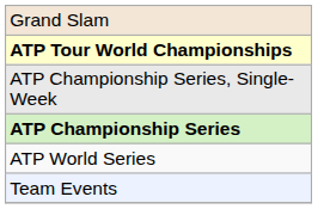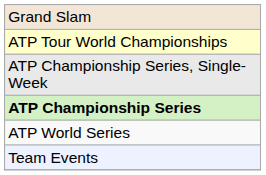 <table class="wikitable" style="font-size:90%;" width=15%>
 <tr bgcolor="#F3E6D7">
 <td>Grand Slam</td>
 </tr>
 <tr bgcolor="#FFFFCC">
-<td><strong>ATP Tour World Championships</strong></td>
+<td>ATP Tour World Championships</td>
 </tr>
 <tr bgcolor="#E9E9E9">
 <td>ATP Championship Series, Single-Week</td>
 </tr>
 <tr bgcolor="#D4F1C5">
 <td><strong>ATP Championship Series</strong></td>
 </tr>
 <tr bgcolor=>
 <td>ATP World Series</td>
 </tr>
 <tr bgcolor="#ECF2FF">
 <td>Team Events</td>
 </tr>
 <tr>
 </tr>
 </table>
